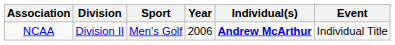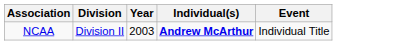 <table class="wikitable" style="text-align:center">
 <tr>
 <th>Association</th>
 <th>Division</th>
-<th>Sport</th>
 <th>Year</th>
 <th>Individual(s)</th>
 <th>Event</th>
 </tr>
 <tr>
 <td><a href='#'>NCAA</a></td>
 <td><a href='#'>Division II</a></td>
-<td><a href='#'>Men's Golf</a></td>
-<td>2006</td>
+<td>2003</td>
 <td><strong> <a href='#'>Andrew McArthur</a></strong></td>
 <td>Individual Title</td>
 </tr>
 </table>
